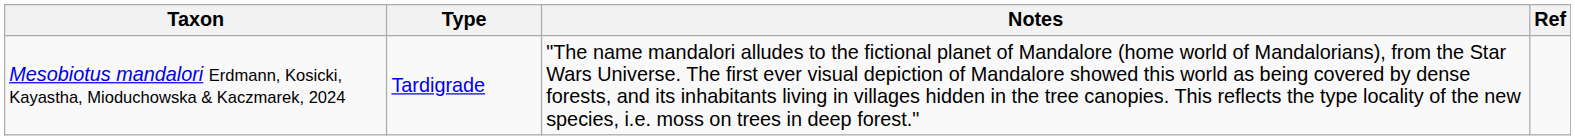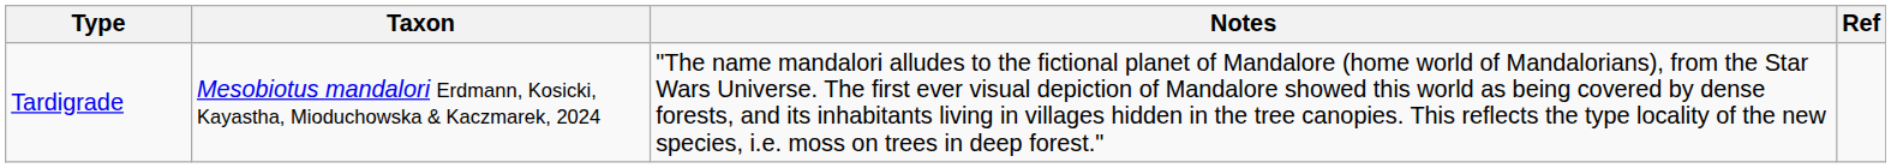 <table class="wikitable sortable" width="100%">
 <tr>
+<th style="width:10%;">Type</th>
 <th style="width:25%;">Taxon</th>
-<th style="width:10%;">Type</th>
 <th style="width:65%;">Notes</th>
 <th class="unsortable">Ref</th>
 </tr>
 <tr>
+<td><a href='#'>Tardigrade</a></td>
 <td><em><a href='#'>Mesobiotus mandalori</a></em> <small>Erdmann, Kosicki, Kayastha, Mioduchowska & Kaczmarek, 2024</small></td>
-<td><a href='#'>Tardigrade</a></td>
 <td>"The name mandalori alludes to the fictional planet of Mandalore (home world of Mandalorians), from the Star Wars Universe. The first ever visual depiction of Mandalore showed this world as being covered by dense forests, and its inhabitants living in villages hidden in the tree canopies. This reflects the type locality of the new species, i.e. moss on trees in deep forest."</td>
 <td></td>
 </tr>
 </table>
